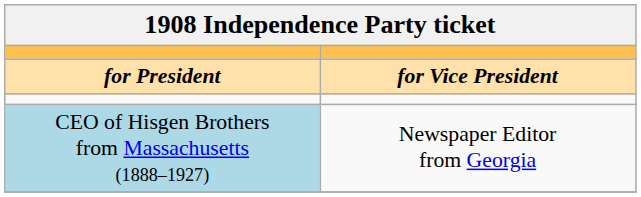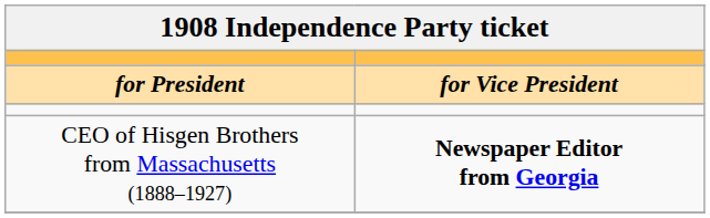 <table class="wikitable" style="font-size:90%; text-align:center;">
 <tr>
 <td style="background:#f1f1f1;" colspan="30"><big><strong>1908 Independence Party ticket</strong></big></td>
 </tr>
 <tr>
 <th style="width:3em; font-size:135%; background:#FFC14E; width:200px;"><a href='#'></a></th>
 <th style="width:3em; font-size:135%; background:#FFC14E; width:200px;"><a href='#'></a></th>
 </tr>
 <tr style="color:#000; font-size:100%; background:#ffe1a9;">
 <td style="width:3em; width:200px;"><strong><em>for President</em></strong></td>
 <td style="width:3em; width:200px;"><strong><em>for Vice President</em></strong></td>
 </tr>
 <tr>
 <td></td>
 <td></td>
 </tr>
 <tr>
-<td style="background: lightblue;">CEO of Hisgen Brothers<br>from <a href='#'>Massachusetts</a><br><small>(1888–1927)</small></td>
-<td>Newspaper Editor<br>from <a href='#'>Georgia</a></td>
+<td>CEO of Hisgen Brothers<br>from <a href='#'>Massachusetts</a><br><small>(1888–1927)</small></td>
+<td><strong>Newspaper Editor<br>from <a href='#'>Georgia</a></strong></td>
 </tr>
 <tr>
 </tr>
 </table>
